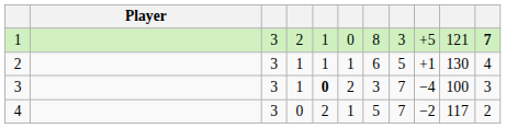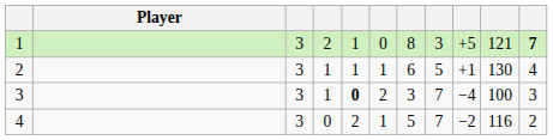 <table class="wikitable" style="text-align:center; margin: 1em auto 1em auto, align:left">
 <tr>
 <th width=20></th>
 <th width=240>Player</th>
 <th width=20></th>
 <th width=20></th>
 <th width=20></th>
 <th width=20></th>
 <th width=20></th>
 <th width=20></th>
 <th width=20></th>
 <th width=30></th>
 <th width=20></th>
 </tr>
 <tr style="background:#D0F0C0;">
 <td>1</td>
 <td align=left></td>
 <td>3</td>
 <td>2</td>
 <td>1</td>
 <td>0</td>
 <td>8</td>
 <td>3</td>
 <td>+5</td>
 <td>121</td>
 <td><strong>7</strong></td>
 </tr>
 <tr style=>
 <td>2</td>
 <td align=left></td>
 <td>3</td>
 <td>1</td>
 <td>1</td>
 <td>1</td>
 <td>6</td>
 <td>5</td>
 <td>+1</td>
 <td>130</td>
 <td>4</td>
 </tr>
 <tr style=>
 <td>3</td>
 <td align=left></td>
 <td>3</td>
 <td>1</td>
 <td><strong>0</strong></td>
 <td>2</td>
 <td>3</td>
 <td>7</td>
 <td>−4</td>
 <td>100</td>
 <td>3</td>
 </tr>
 <tr style=>
 <td>4</td>
 <td align=left></td>
 <td>3</td>
 <td>0</td>
 <td>2</td>
 <td>1</td>
 <td>5</td>
 <td>7</td>
 <td>−2</td>
-<td>117</td>
+<td>116</td>
 <td>2</td>
 </tr>
 </table>
